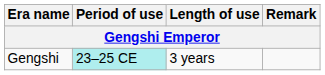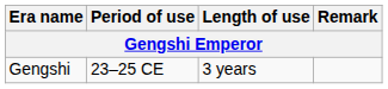 <table class="wikitable">
 <tr>
 <th>Era name</th>
 <th>Period of use</th>
 <th>Length of use</th>
 <th>Remark</th>
 </tr>
 <tr>
 <th colspan="4"><a href='#'>Gengshi Emperor</a><br></th>
 </tr>
 <tr>
 <td>Gengshi<br></td>
-<td style="background: paleturquoise;">23–25 CE</td>
+<td>23–25 CE</td>
 <td>3 years</td>
 <td></td>
 </tr>
 </table>
